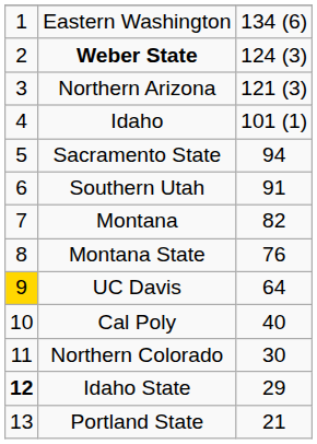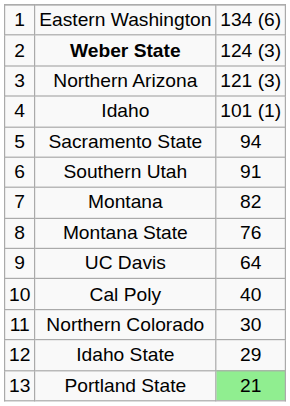 <table class="wikitable" style="display: inline-table;">
 <tr align="center">
 </tr>
 <tr align="center">
 <td>1</td>
 <td>Eastern Washington</td>
 <td>134 (6)</td>
 </tr>
 <tr align="center">
 <td>2</td>
 <td><strong>Weber State</strong></td>
 <td>124 (3)</td>
 </tr>
 <tr align="center">
 <td>3</td>
 <td>Northern Arizona</td>
 <td>121 (3)</td>
 </tr>
 <tr align="center">
 <td>4</td>
 <td>Idaho</td>
 <td>101 (1)</td>
 </tr>
 <tr align="center">
 <td>5</td>
 <td>Sacramento State</td>
 <td>94</td>
 </tr>
 <tr align="center">
 <td>6</td>
 <td>Southern Utah</td>
 <td>91</td>
 </tr>
 <tr align="center">
 <td>7</td>
 <td>Montana</td>
 <td>82</td>
 </tr>
 <tr align="center">
 <td>8</td>
 <td>Montana State</td>
 <td>76</td>
 </tr>
 <tr align="center">
-<td style="background: gold;">9</td>
+<td>9</td>
 <td>UC Davis</td>
 <td>64</td>
 </tr>
 <tr align="center">
 <td>10</td>
 <td>Cal Poly</td>
 <td>40</td>
 </tr>
 <tr align="center">
 <td>11</td>
 <td>Northern Colorado</td>
 <td>30</td>
 </tr>
 <tr align="center">
-<td><strong>12</strong></td>
+<td>12</td>
 <td>Idaho State</td>
 <td>29</td>
 </tr>
 <tr align="center">
 <td>13</td>
 <td>Portland State</td>
-<td>21</td>
+<td style="background: lightgreen;">21</td>
 </tr>
 </table>
